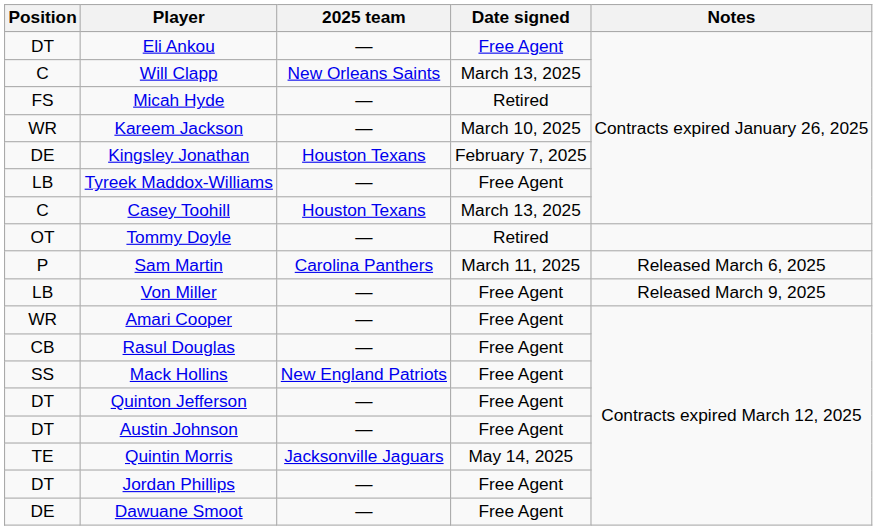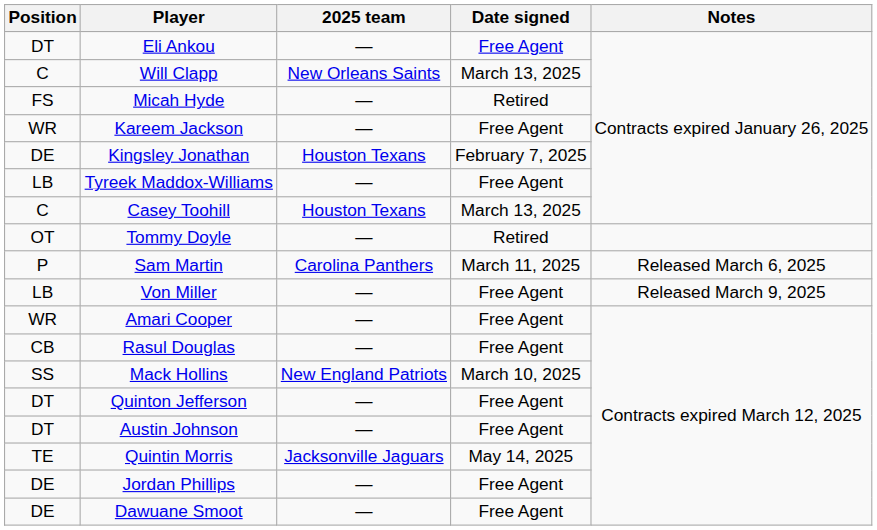 <table class="wikitable sortable" style="text-align:center">
 <tr>
 <th>Position</th>
 <th>Player</th>
 <th>2025 team</th>
 <th>Date signed</th>
 <th>Notes</th>
 </tr>
 <tr>
 <td>DT</td>
 <td><a href='#'>Eli Ankou</a></td>
 <td>—</td>
 <td><a href='#'>Free Agent</a></td>
 <td rowspan=7>Contracts expired January 26, 2025</td>
 </tr>
 <tr>
 <td>C</td>
 <td><a href='#'>Will Clapp</a></td>
 <td><a href='#'>New Orleans Saints</a></td>
 <td>March 13, 2025</td>
 </tr>
 <tr>
 <td>FS</td>
 <td><a href='#'>Micah Hyde</a></td>
 <td>—</td>
 <td>Retired</td>
 </tr>
 <tr>
 <td>WR</td>
 <td><a href='#'>Kareem Jackson</a></td>
 <td>—</td>
-<td>March 10, 2025</td>
+<td>Free Agent</td>
 </tr>
 <tr>
 <td>DE</td>
 <td><a href='#'>Kingsley Jonathan</a></td>
 <td><a href='#'>Houston Texans</a></td>
 <td>February 7, 2025</td>
 </tr>
 <tr>
 <td>LB</td>
 <td><a href='#'>Tyreek Maddox-Williams</a></td>
 <td>—</td>
 <td>Free Agent</td>
 </tr>
 <tr>
 <td>C</td>
 <td><a href='#'>Casey Toohill</a></td>
 <td><a href='#'>Houston Texans</a></td>
 <td>March 13, 2025</td>
 </tr>
 <tr>
 <td>OT</td>
 <td><a href='#'>Tommy Doyle</a></td>
 <td>—</td>
 <td>Retired</td>
 <td></td>
 </tr>
 <tr>
 <td>P</td>
 <td><a href='#'>Sam Martin</a></td>
 <td><a href='#'>Carolina Panthers</a></td>
 <td>March 11, 2025</td>
 <td>Released March 6, 2025</td>
 </tr>
 <tr>
 <td>LB</td>
 <td><a href='#'>Von Miller</a></td>
 <td>—</td>
 <td>Free Agent</td>
 <td>Released March 9, 2025</td>
 </tr>
 <tr>
 <td>WR</td>
 <td><a href='#'>Amari Cooper</a></td>
 <td>—</td>
 <td>Free Agent</td>
 <td rowspan=8>Contracts expired March 12, 2025</td>
 </tr>
 <tr>
 <td>CB</td>
 <td><a href='#'>Rasul Douglas</a></td>
 <td>—</td>
 <td>Free Agent</td>
 </tr>
 <tr>
 <td>SS</td>
 <td><a href='#'>Mack Hollins</a></td>
 <td><a href='#'>New England Patriots</a></td>
-<td>Free Agent</td>
+<td>March 10, 2025</td>
 </tr>
 <tr>
 <td>DT</td>
 <td><a href='#'>Quinton Jefferson</a></td>
 <td>—</td>
 <td>Free Agent</td>
 </tr>
 <tr>
 <td>DT</td>
 <td><a href='#'>Austin Johnson</a></td>
 <td>—</td>
 <td>Free Agent</td>
 </tr>
 <tr>
 <td>TE</td>
 <td><a href='#'>Quintin Morris</a></td>
 <td><a href='#'>Jacksonville Jaguars</a></td>
 <td>May 14, 2025</td>
 </tr>
 <tr>
-<td>DT</td>
+<td>DE</td>
 <td><a href='#'>Jordan Phillips</a></td>
 <td>—</td>
 <td>Free Agent</td>
 </tr>
 <tr>
 <td>DE</td>
 <td><a href='#'>Dawuane Smoot</a></td>
 <td>—</td>
 <td>Free Agent</td>
 </tr>
 </table>
